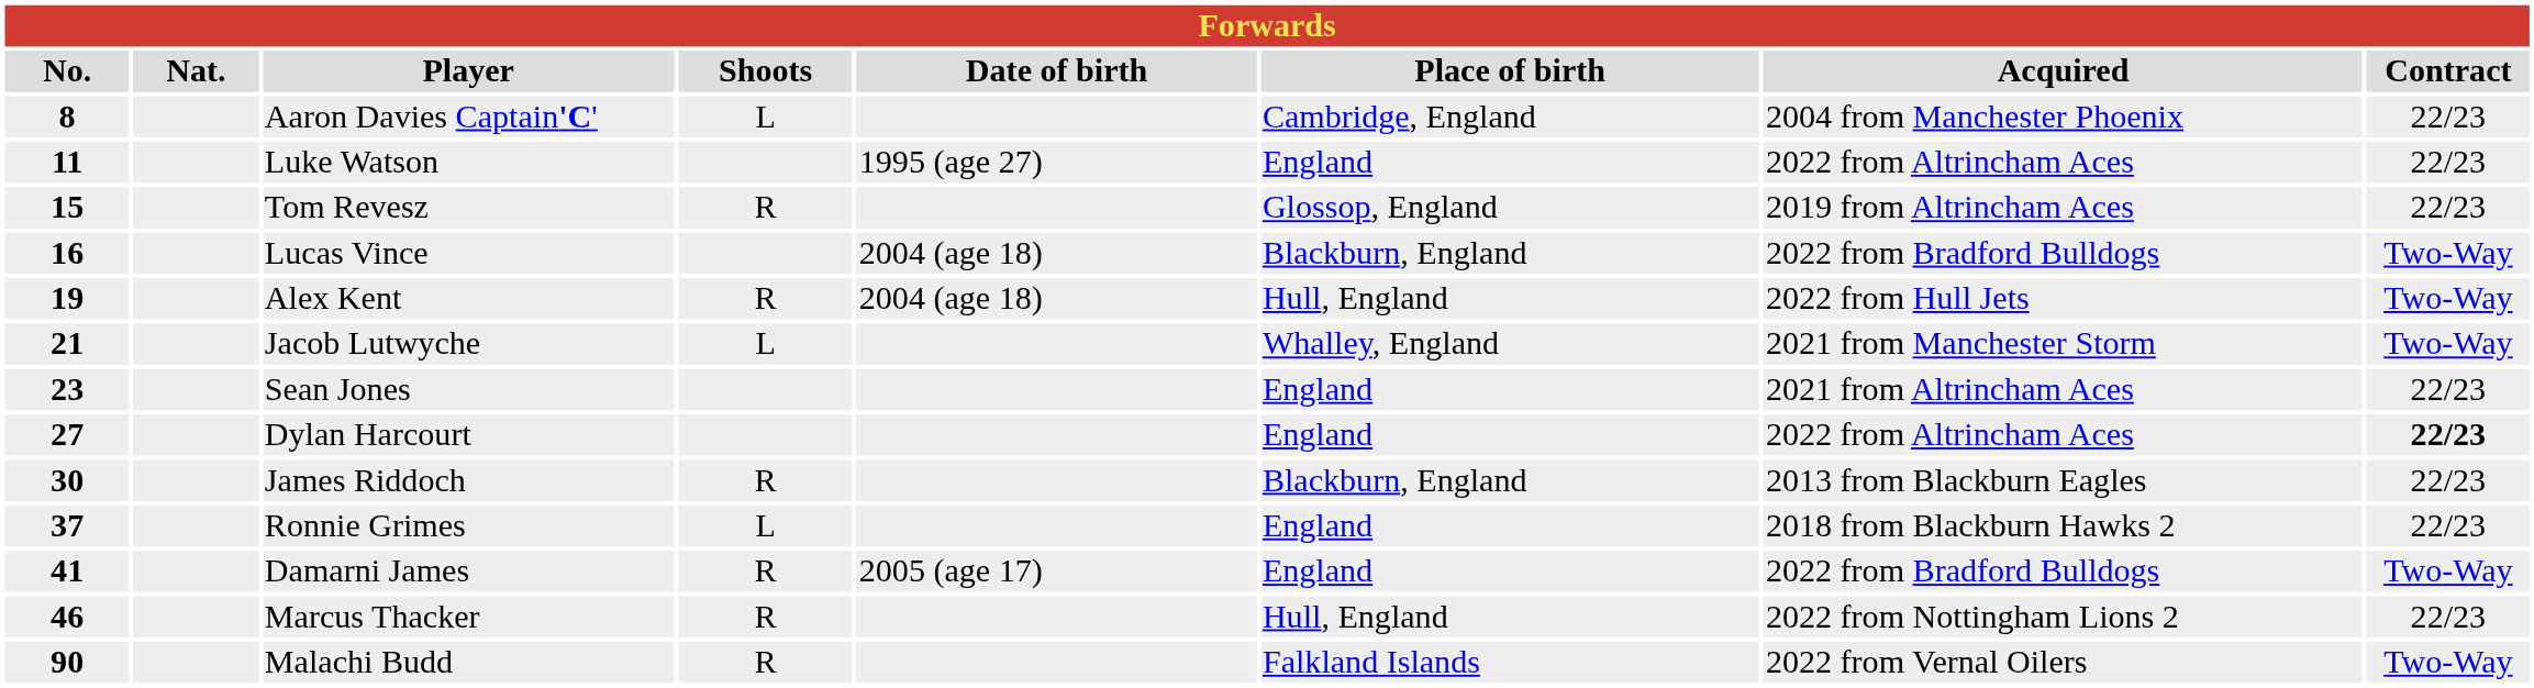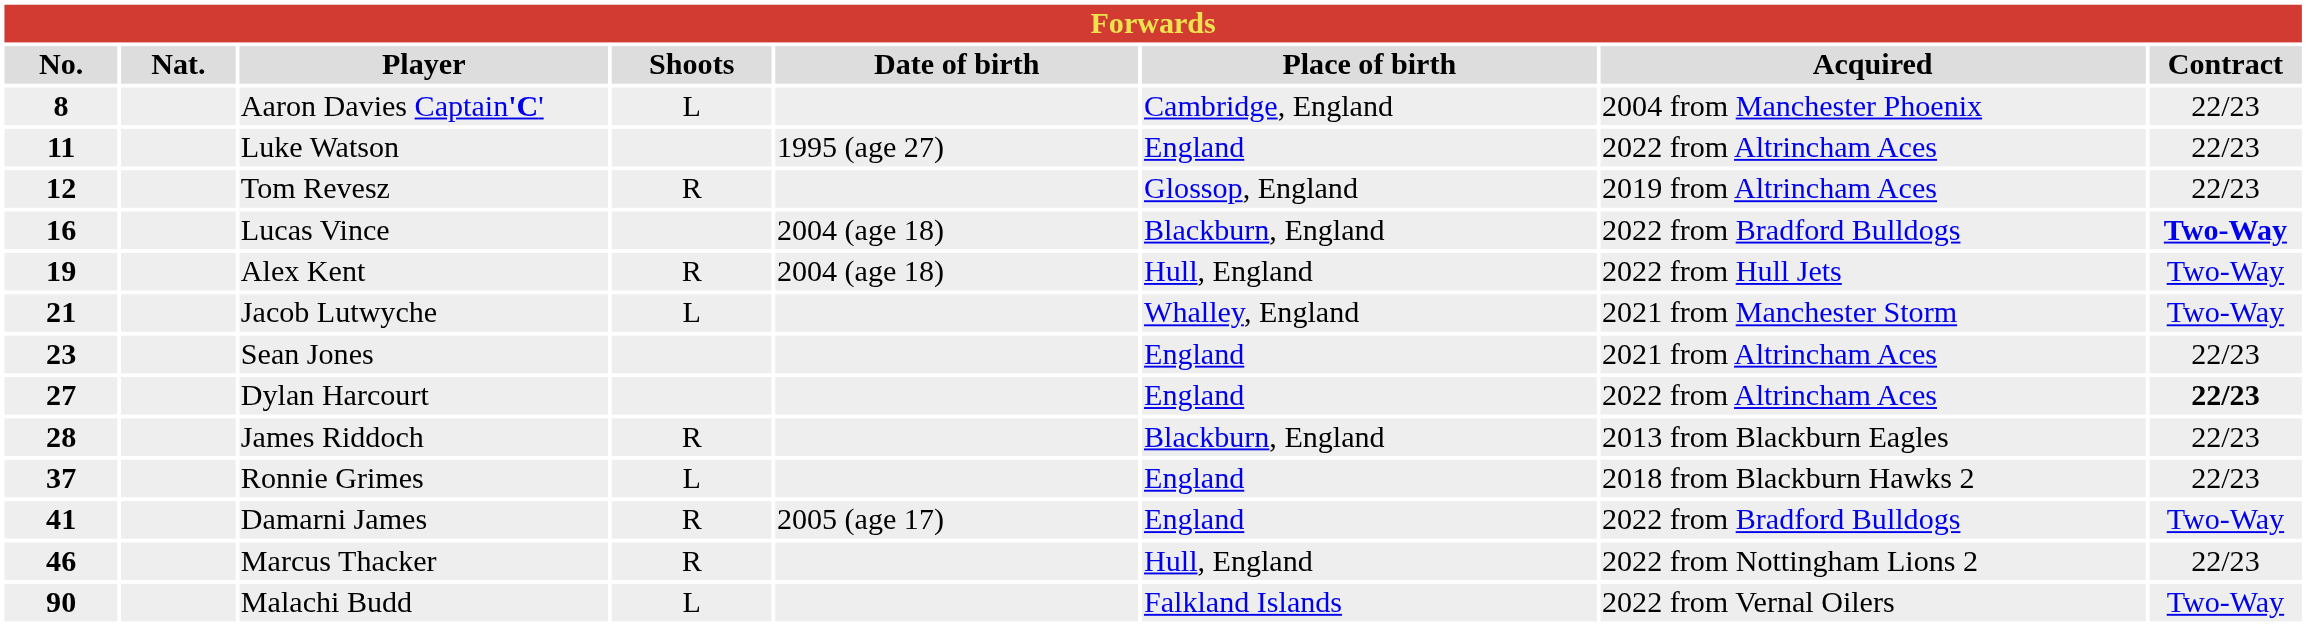 <table class="toccolours"  style="width:97%; clear:both; margin:1.5em auto; text-align:center;">
 <tr style="background:#ddd;">
 <th colspan="11" style="background:#d23b32; color:#ede34f;”">Forwards</th>
 </tr>
 <tr style="background:#ddd;">
 <th width=5%>No.</th>
 <th width=5%>Nat.</th>
 <th !width=22%>Player</th>
 <th width=7%>Shoots</th>
 <th width=16%>Date of birth</th>
 <th width=20%>Place of birth</th>
 <th width=24%>Acquired</th>
 <td><strong>Contract</strong></td>
 </tr>
 <tr style="background:#eee;">
 <td><strong>8</strong></td>
 <td></td>
 <td align=left>Aaron Davies <a href='#'>Captain</a><a href='#'><strong>'C</strong></a><a href='#'>'</a></td>
 <td>L</td>
 <td align=left></td>
 <td align=left><a href='#'>Cambridge</a>, England</td>
 <td align=left>2004 from <a href='#'>Manchester Phoenix</a></td>
 <td>22/23</td>
 </tr>
 <tr style="background:#eee;">
 <td><strong>11</strong></td>
 <td></td>
 <td align=left>Luke Watson</td>
 <td></td>
 <td align=left>1995 (age 27)</td>
 <td align=left><a href='#'>England</a></td>
 <td align=left>2022 from <a href='#'>Altrincham Aces</a></td>
 <td>22/23</td>
 </tr>
 <tr style="background:#eee;">
-<td><strong>15</strong></td>
+<td><strong>12</strong></td>
 <td></td>
 <td align=left>Tom Revesz</td>
 <td>R</td>
 <td align=left></td>
 <td align=left><a href='#'>Glossop</a>, England</td>
 <td align=left>2019 from <a href='#'>Altrincham Aces</a></td>
 <td>22/23</td>
 </tr>
 <tr style="background:#eee;">
 <td><strong>16</strong></td>
 <td></td>
 <td align=left>Lucas Vince</td>
 <td></td>
 <td align=left>2004 (age 18)</td>
 <td align=left><a href='#'>Blackburn</a>, England</td>
 <td align=left>2022 from <a href='#'>Bradford Bulldogs</a></td>
-<td><a href='#'>Two-Way</a></td>
+<td><strong><a href='#'>Two-Way</a></strong></td>
 </tr>
 <tr style="background:#eee;">
 <td><strong>19</strong></td>
 <td></td>
 <td align=left>Alex Kent</td>
 <td>R</td>
 <td align=left>2004 (age 18)</td>
 <td align=left><a href='#'>Hull</a>, England</td>
 <td align=left>2022 from <a href='#'>Hull Jets</a></td>
 <td><a href='#'>Two-Way</a></td>
 </tr>
 <tr style="background:#eee;">
 <td><strong>21</strong></td>
 <td></td>
 <td align=left>Jacob Lutwyche</td>
 <td>L</td>
 <td align=left></td>
 <td align=left><a href='#'>Whalley</a>, England</td>
 <td align=left>2021 from <a href='#'>Manchester Storm</a></td>
 <td><a href='#'>Two-Way</a></td>
 </tr>
 <tr style="background:#eee;">
 <td><strong>23</strong></td>
 <td></td>
 <td align=left>Sean Jones</td>
 <td></td>
 <td align=left></td>
 <td align=left><a href='#'>England</a></td>
 <td align=left>2021 from <a href='#'>Altrincham Aces</a></td>
 <td>22/23</td>
 </tr>
 <tr style="background:#eee;">
 <td><strong>27</strong></td>
 <td></td>
 <td align=left>Dylan Harcourt</td>
 <td></td>
 <td align=left></td>
 <td align=left><a href='#'>England</a></td>
 <td align=left>2022 from <a href='#'>Altrincham Aces</a></td>
 <td><strong>22/23</strong></td>
 </tr>
 <tr style="background:#eee;">
-<td><strong>30</strong></td>
+<td><strong>28</strong></td>
 <td></td>
 <td align=left>James Riddoch</td>
 <td>R</td>
 <td align=left></td>
 <td align=left><a href='#'>Blackburn</a>, England</td>
 <td align=left>2013 from Blackburn Eagles</td>
 <td>22/23</td>
 </tr>
 <tr style="background:#eee;">
 <td><strong>37</strong></td>
 <td></td>
 <td align=left>Ronnie Grimes</td>
 <td>L</td>
 <td align=left></td>
 <td align=left><a href='#'>England</a></td>
 <td align=left>2018 from Blackburn Hawks 2</td>
 <td>22/23</td>
 </tr>
 <tr style="background:#eee;">
 <td><strong>41</strong></td>
 <td></td>
 <td align=left>Damarni James</td>
 <td>R</td>
 <td align=left>2005 (age 17)</td>
 <td align=left><a href='#'>England</a></td>
 <td align=left>2022 from <a href='#'>Bradford Bulldogs</a></td>
 <td><a href='#'>Two-Way</a></td>
 </tr>
 <tr style="background:#eee;">
 <td><strong>46</strong></td>
 <td></td>
 <td align=left>Marcus Thacker</td>
 <td>R</td>
 <td align=left></td>
 <td align=left><a href='#'>Hull</a>, England</td>
 <td align=left>2022 from Nottingham Lions 2</td>
 <td>22/23</td>
 </tr>
 <tr style="background:#eee;">
 <td><strong>90</strong></td>
 <td></td>
 <td align=left>Malachi Budd</td>
-<td>R</td>
+<td>L</td>
 <td align=left></td>
 <td align=left><a href='#'>Falkland Islands</a></td>
 <td align=left>2022 from Vernal Oilers</td>
 <td><a href='#'>Two-Way</a></td>
 </tr>
 </table>
